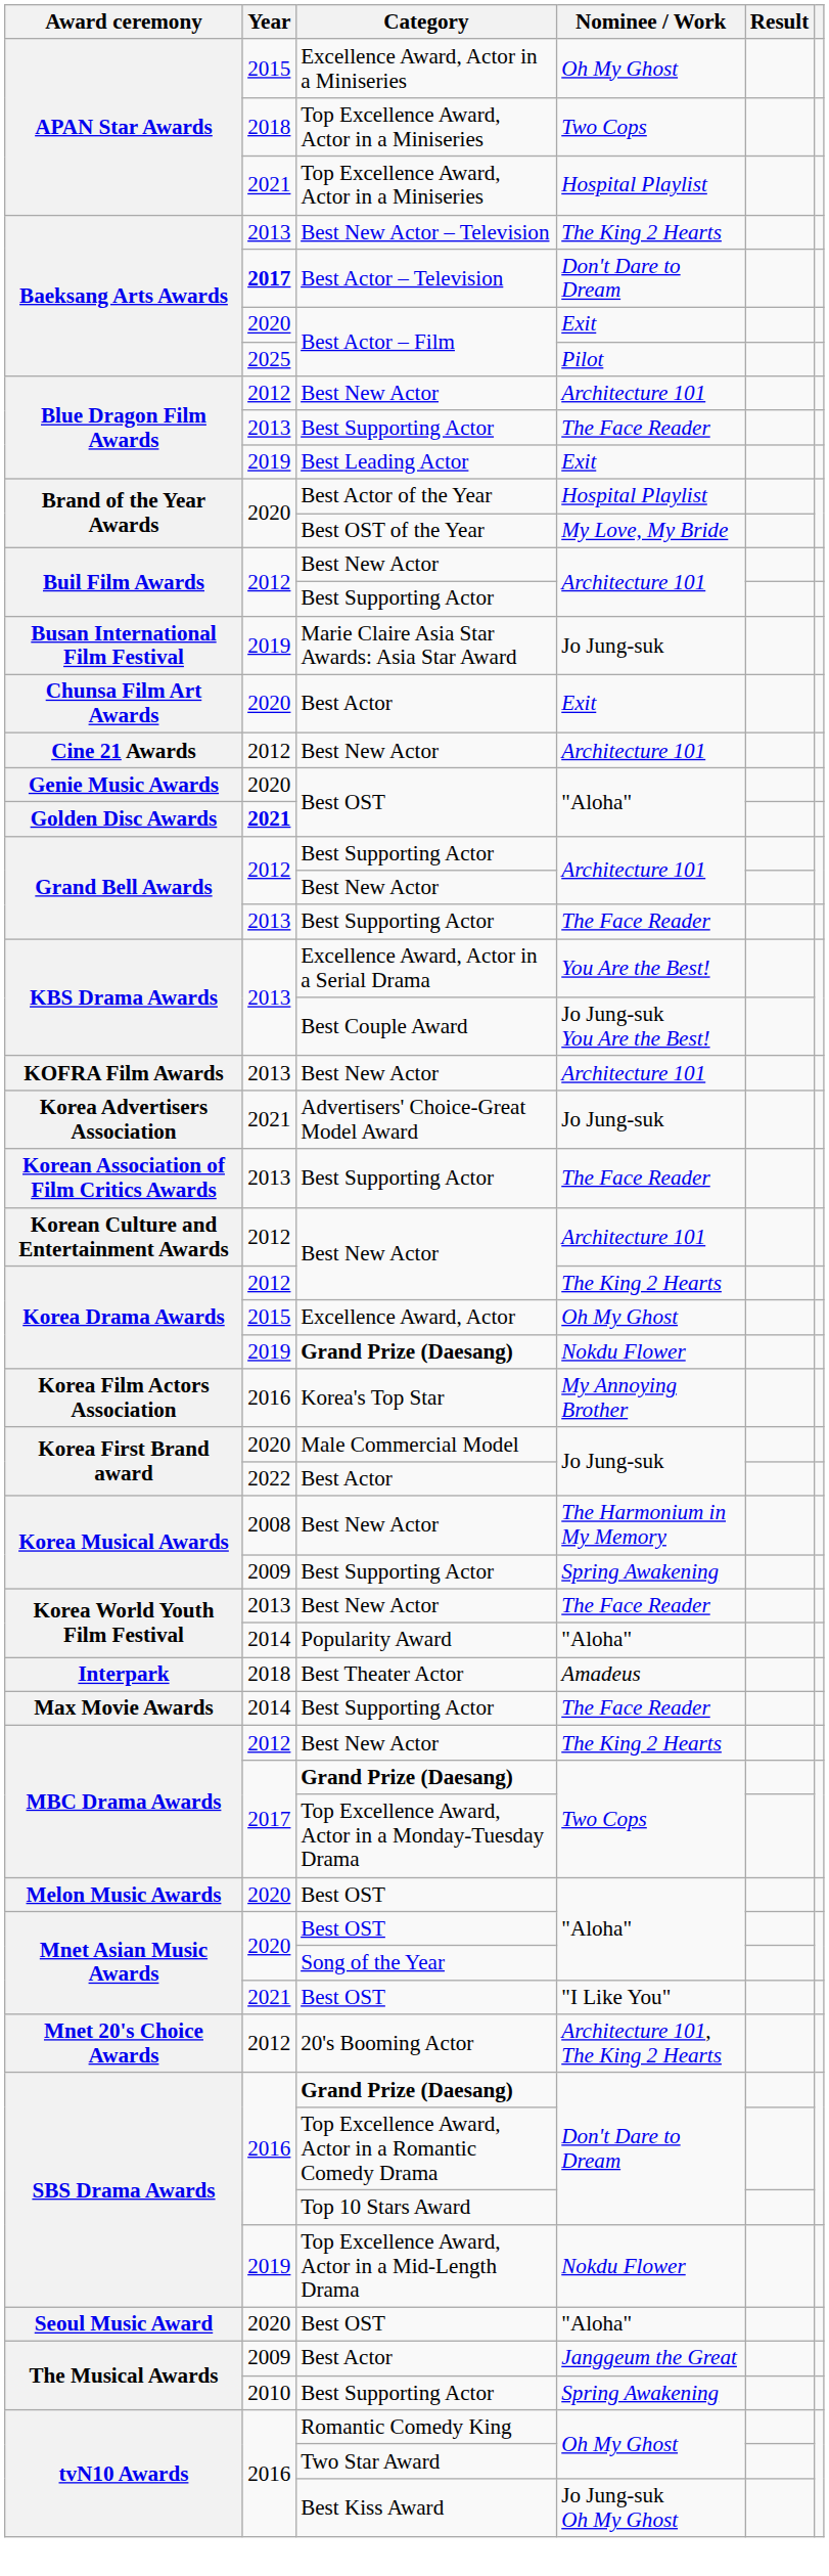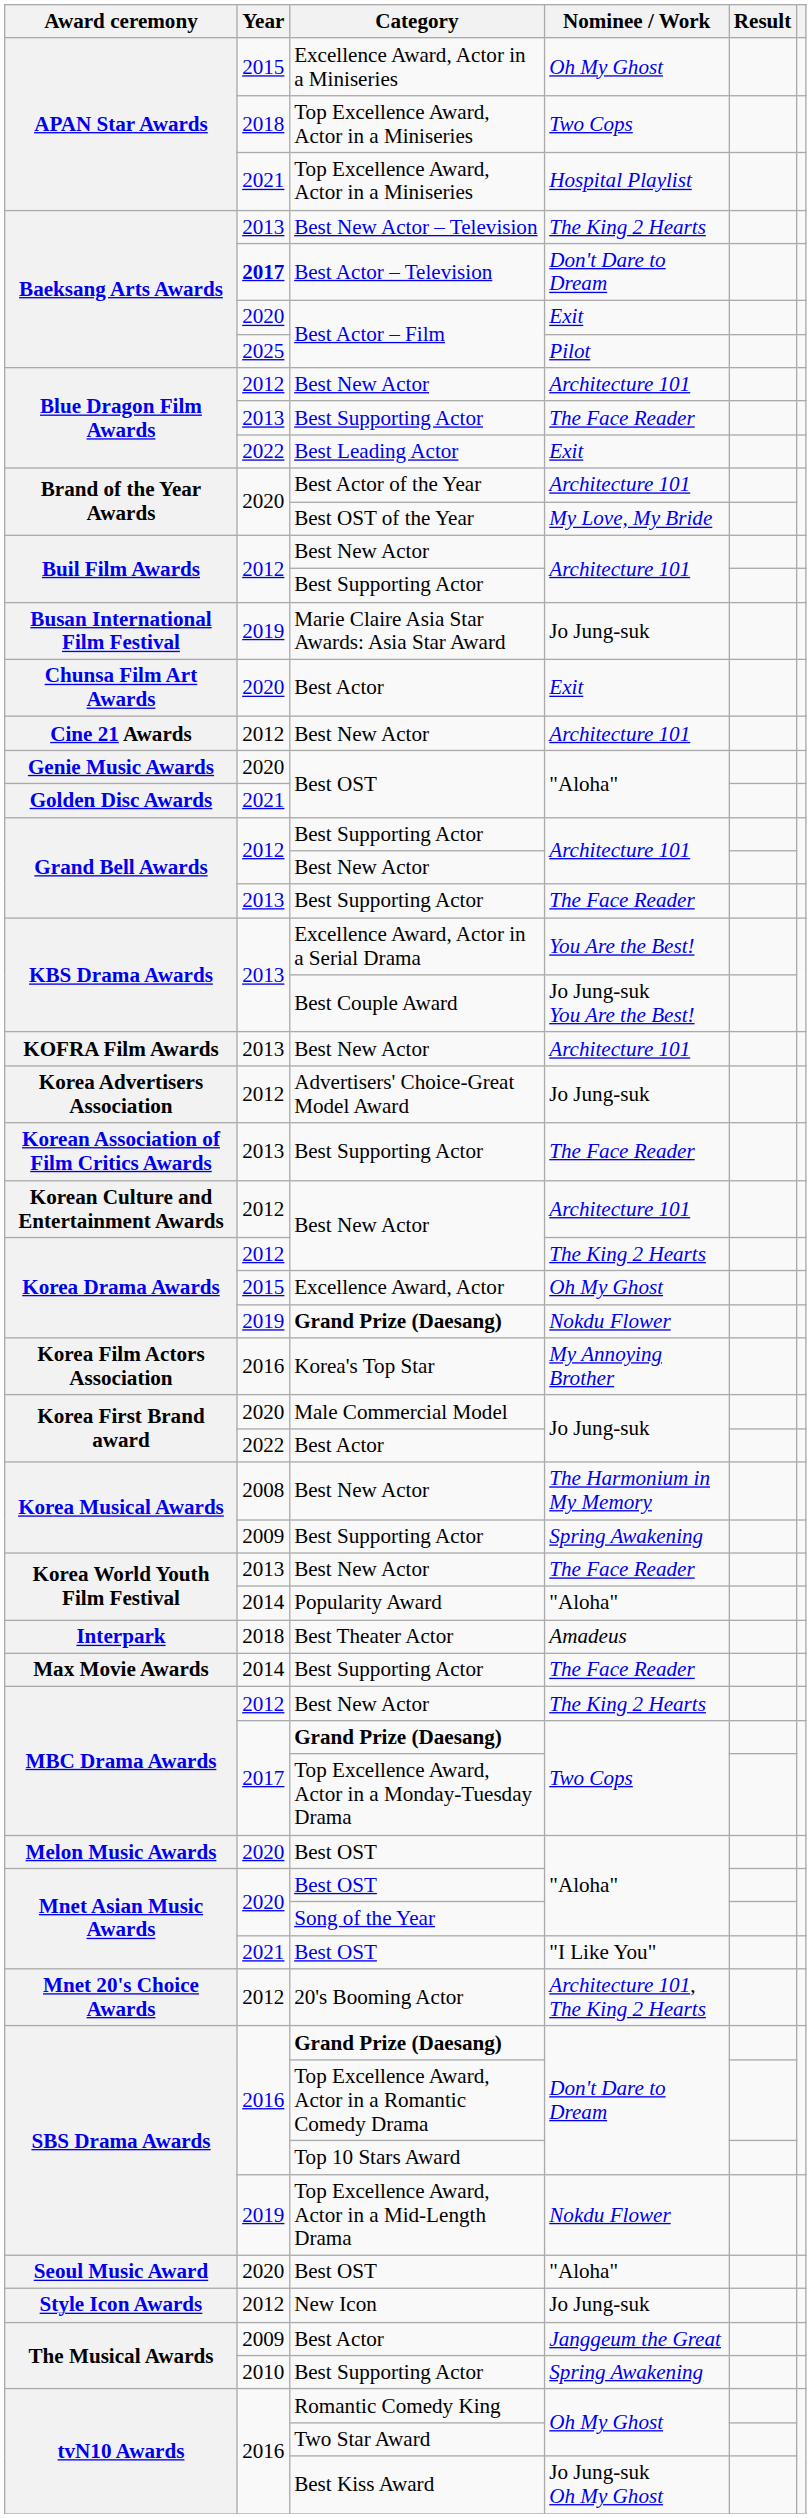 <table class="wikitable plainrowheaders sortable">
 <tr>
 <th scope="col">Award ceremony</th>
 <th scope="col">Year</th>
 <th scope="col">Category</th>
 <th scope="col">Nominee / Work</th>
 <th scope="col">Result</th>
 <th scope="col" class="unsortable"></th>
 </tr>
 <tr>
 <th scope="row"  rowspan="3"><a href='#'>APAN Star Awards</a></th>
 <td style="text-align:center"><a href='#'>2015</a></td>
 <td>Excellence Award, Actor in a Miniseries</td>
 <td><em><a href='#'>Oh My Ghost</a></em></td>
 <td></td>
 <td style="text-align:center"></td>
 </tr>
 <tr>
 <td style="text-align:center"><a href='#'>2018</a></td>
 <td>Top Excellence Award, Actor in a Miniseries</td>
 <td><em><a href='#'>Two Cops</a></em></td>
 <td></td>
 <td style="text-align:center"></td>
 </tr>
 <tr>
 <td style="text-align:center"><a href='#'>2021</a></td>
 <td>Top Excellence Award, Actor in a Miniseries</td>
 <td><em><a href='#'>Hospital Playlist</a></em></td>
 <td></td>
 <td style="text-align:center"></td>
 </tr>
 <tr>
 <th scope="row"  rowspan="4"><a href='#'>Baeksang Arts Awards</a></th>
 <td style="text-align:center"><a href='#'>2013</a></td>
 <td><a href='#'>Best New Actor – Television</a></td>
 <td><em><a href='#'>The King 2 Hearts</a></em></td>
 <td></td>
 <td style="text-align:center"></td>
 </tr>
 <tr>
 <td style="text-align:center"><strong><a href='#'>2017</a></strong></td>
 <td><a href='#'>Best Actor – Television</a></td>
 <td><em><a href='#'>Don't Dare to Dream</a></em></td>
 <td></td>
 <td style="text-align:center"></td>
 </tr>
 <tr>
 <td style="text-align:center"><a href='#'>2020</a></td>
 <td rowspan="2"><a href='#'>Best Actor – Film</a></td>
 <td><em><a href='#'>Exit</a></em></td>
 <td></td>
 <td style="text-align:center"></td>
 </tr>
 <tr>
 <td style="text-align:center"><a href='#'>2025</a></td>
 <td><em><a href='#'>Pilot</a></em></td>
 <td></td>
 <td style="text-align:center"></td>
 </tr>
 <tr>
 <th scope="row"  rowspan="3"><a href='#'>Blue Dragon Film Awards</a></th>
 <td style="text-align:center"><a href='#'>2012</a></td>
 <td><a href='#'>Best New Actor</a></td>
 <td><em><a href='#'>Architecture 101</a></em></td>
 <td></td>
 <td style="text-align:center"></td>
 </tr>
 <tr>
 <td style="text-align:center"><a href='#'>2013</a></td>
 <td><a href='#'>Best Supporting Actor</a></td>
 <td><em><a href='#'>The Face Reader</a></em></td>
 <td></td>
 <td style="text-align:center"></td>
 </tr>
 <tr>
-<td style="text-align:center"><a href='#'>2019</a></td>
+<td style="text-align:center"><a href='#'>2022</a></td>
 <td><a href='#'>Best Leading Actor</a></td>
 <td><em><a href='#'>Exit</a></em></td>
 <td></td>
 <td style="text-align:center"></td>
 </tr>
 <tr>
 <th scope="row" rowspan="2">Brand of the Year Awards</th>
 <td rowspan="2" style="text-align:center">2020</td>
 <td>Best Actor of the Year</td>
-<td><em><a href='#'>Hospital Playlist</a></em></td>
+<td><em><a href='#'>Architecture 101</a></em></td>
 <td></td>
 <td rowspan="2" style="text-align:center"></td>
 </tr>
 <tr>
 <td>Best OST of the Year</td>
 <td><em><a href='#'>My Love, My Bride</a></em></td>
 <td></td>
 </tr>
 <tr>
 <th scope="row"  rowspan="2"><a href='#'>Buil Film Awards</a></th>
 <td rowspan="2" style="text-align:center"><a href='#'>2012</a></td>
 <td>Best New Actor</td>
 <td rowspan="2"><em><a href='#'>Architecture 101</a></em></td>
 <td></td>
 <td style="text-align:center"></td>
 </tr>
 <tr>
 <td>Best Supporting Actor</td>
 <td></td>
 <td style="text-align:center"></td>
 </tr>
 <tr>
 <th scope="row"><a href='#'>Busan International Film Festival</a></th>
 <td style="text-align:center"><a href='#'>2019</a></td>
 <td>Marie Claire Asia Star Awards: Asia Star Award</td>
 <td>Jo Jung-suk</td>
 <td></td>
 <td style="text-align:center"></td>
 </tr>
 <tr>
 <th scope="row"><a href='#'>Chunsa Film Art Awards</a></th>
 <td style="text-align:center"><a href='#'>2020</a></td>
 <td>Best Actor</td>
 <td><em><a href='#'>Exit</a></em></td>
 <td></td>
 <td style="text-align:center"></td>
 </tr>
 <tr>
 <th scope="row"><a href='#'>Cine 21</a> Awards</th>
 <td style="text-align:center">2012</td>
 <td>Best New Actor</td>
 <td><em><a href='#'>Architecture 101</a></em></td>
 <td></td>
 <td style="text-align:center"></td>
 </tr>
 <tr>
 <th scope="row"><a href='#'>Genie Music Awards</a></th>
 <td style="text-align:center">2020</td>
 <td rowspan="2">Best OST</td>
 <td rowspan="2">"Aloha"</td>
 <td></td>
 <td style="text-align:center"></td>
 </tr>
 <tr>
 <th scope="row"><a href='#'>Golden Disc Awards</a></th>
-<td style="text-align:center"><strong><a href='#'>2021</a></strong></td>
+<td style="text-align:center"><a href='#'>2021</a></td>
 <td></td>
 <td style="text-align:center"></td>
 </tr>
 <tr>
 <th scope="row"  rowspan="3"><a href='#'>Grand Bell Awards</a></th>
 <td rowspan="2" style="text-align:center"><a href='#'>2012</a></td>
 <td>Best Supporting Actor</td>
 <td rowspan="2"><em><a href='#'>Architecture 101</a></em></td>
 <td></td>
 <td rowspan="2" style="text-align:center"></td>
 </tr>
 <tr>
 <td>Best New Actor</td>
 <td></td>
 </tr>
 <tr>
 <td style="text-align:center"><a href='#'>2013</a></td>
 <td>Best Supporting Actor</td>
 <td><em><a href='#'>The Face Reader</a></em></td>
 <td></td>
 <td style="text-align:center"></td>
 </tr>
 <tr>
 <th scope="row"  rowspan="2"><a href='#'>KBS Drama Awards</a></th>
 <td rowspan="2" style="text-align:center"><a href='#'>2013</a></td>
 <td>Excellence Award, Actor in a Serial Drama</td>
 <td><em><a href='#'>You Are the Best!</a></em></td>
 <td></td>
 <td rowspan="2" style="text-align:center"></td>
 </tr>
 <tr>
 <td>Best Couple Award</td>
 <td>Jo Jung-suk <br><em><a href='#'>You Are the Best!</a></em></td>
 <td></td>
 </tr>
 <tr>
 <th scope="row">KOFRA Film Awards</th>
 <td style="text-align:center">2013</td>
 <td>Best New Actor</td>
 <td><em><a href='#'>Architecture 101</a></em></td>
 <td></td>
 <td style="text-align:center"></td>
 </tr>
 <tr>
 <th scope="row">Korea Advertisers Association</th>
-<td style="text-align:center">2021</td>
+<td style="text-align:center">2012</td>
 <td>Advertisers' Choice-Great Model Award</td>
 <td>Jo Jung-suk</td>
 <td></td>
 <td style="text-align:center"></td>
 </tr>
 <tr>
 <th scope="row"><a href='#'>Korean Association of Film Critics Awards</a></th>
 <td style="text-align:center">2013</td>
 <td>Best Supporting Actor</td>
 <td><em><a href='#'>The Face Reader</a></em></td>
 <td></td>
 <td style="text-align:center"></td>
 </tr>
 <tr>
 <th scope="row">Korean Culture and Entertainment Awards</th>
 <td style="text-align:center">2012</td>
 <td rowspan="2">Best New Actor</td>
 <td><em><a href='#'>Architecture 101</a></em></td>
 <td></td>
 <td style="text-align:center"></td>
 </tr>
 <tr>
 <th scope="row"  rowspan="3"><a href='#'>Korea Drama Awards</a></th>
 <td style="text-align:center"><a href='#'>2012</a></td>
 <td><em><a href='#'>The King 2 Hearts</a></em></td>
 <td></td>
 <td style="text-align:center"></td>
 </tr>
 <tr>
 <td style="text-align:center"><a href='#'>2015</a></td>
 <td>Excellence Award, Actor</td>
 <td><em><a href='#'>Oh My Ghost</a></em></td>
 <td></td>
 <td style="text-align:center"></td>
 </tr>
 <tr>
 <td style="text-align:center"><a href='#'>2019</a></td>
 <td><strong>Grand Prize (Daesang)</strong></td>
 <td><em><a href='#'>Nokdu Flower</a></em></td>
 <td></td>
 <td style="text-align:center"></td>
 </tr>
 <tr>
 <th scope="row">Korea Film Actors Association</th>
 <td style="text-align:center">2016</td>
 <td>Korea's Top Star</td>
 <td><em><a href='#'>My Annoying Brother</a></em></td>
 <td></td>
 <td style="text-align:center"></td>
 </tr>
 <tr>
 <th scope="row"  rowspan="2">Korea First Brand award</th>
 <td style="text-align:center">2020</td>
 <td>Male Commercial Model</td>
 <td rowspan="2">Jo Jung-suk</td>
 <td></td>
 <td style="text-align:center"></td>
 </tr>
 <tr>
 <td style="text-align:center">2022</td>
 <td>Best Actor</td>
 <td></td>
 <td style="text-align:center"></td>
 </tr>
 <tr>
 <th scope="row"  rowspan="2"><a href='#'>Korea Musical Awards</a></th>
 <td style="text-align:center">2008</td>
 <td>Best New Actor</td>
 <td><em><a href='#'>The Harmonium in My Memory</a></em></td>
 <td></td>
 <td style="text-align:center"></td>
 </tr>
 <tr>
 <td style="text-align:center">2009</td>
 <td>Best Supporting Actor</td>
 <td><em><a href='#'>Spring Awakening</a></em></td>
 <td></td>
 <td style="text-align:center"></td>
 </tr>
 <tr>
 <th scope="row"  rowspan="2">Korea World Youth Film Festival</th>
 <td style="text-align:center">2013</td>
 <td>Best New Actor</td>
 <td><em><a href='#'>The Face Reader</a></em></td>
 <td></td>
 <td style="text-align:center"></td>
 </tr>
 <tr>
 <td style="text-align:center">2014</td>
 <td>Popularity Award</td>
 <td>"Aloha"</td>
 <td></td>
 <td style="text-align:center"></td>
 </tr>
 <tr>
 <th scope="row"><a href='#'>Interpark</a> </th>
 <td style="text-align:center">2018</td>
 <td>Best Theater Actor</td>
 <td><em>Amadeus</em></td>
 <td></td>
 <td style="text-align:center"></td>
 </tr>
 <tr>
 <th scope="row">Max Movie Awards</th>
 <td style="text-align:center">2014</td>
 <td>Best Supporting Actor</td>
 <td><em><a href='#'>The Face Reader</a></em></td>
 <td></td>
 <td style="text-align:center"></td>
 </tr>
 <tr>
 <th scope="row"  rowspan="3"><a href='#'>MBC Drama Awards</a></th>
 <td style="text-align:center"><a href='#'>2012</a></td>
 <td>Best New Actor</td>
 <td><em><a href='#'>The King 2 Hearts</a></em></td>
 <td></td>
 <td style="text-align:center"></td>
 </tr>
 <tr>
 <td rowspan="2" style="text-align:center"><a href='#'>2017</a></td>
 <td><strong>Grand Prize (Daesang)</strong></td>
 <td rowspan="2"><em><a href='#'>Two Cops</a></em></td>
 <td></td>
 <td rowspan="2" style="text-align:center"></td>
 </tr>
 <tr>
 <td>Top Excellence Award, Actor in a Monday-Tuesday Drama</td>
 <td></td>
 </tr>
 <tr>
 <th scope="row"><a href='#'>Melon Music Awards</a></th>
 <td style="text-align:center"><a href='#'>2020</a></td>
 <td>Best OST</td>
 <td rowspan="3">"Aloha"</td>
 <td></td>
 <td style="text-align:center"></td>
 </tr>
 <tr>
 <th scope="row"  rowspan="3"><a href='#'>Mnet Asian Music Awards</a></th>
 <td rowspan="2" style="text-align:center"><a href='#'>2020</a></td>
 <td><a href='#'>Best OST</a></td>
 <td></td>
 <td rowspan="2" style="text-align:center"></td>
 </tr>
 <tr>
 <td><a href='#'>Song of the Year</a></td>
 <td></td>
 </tr>
 <tr>
 <td style="text-align:center"><a href='#'>2021</a></td>
 <td><a href='#'>Best OST</a></td>
 <td>"I Like You"</td>
 <td></td>
 <td style="text-align:center"></td>
 </tr>
 <tr>
 <th scope="row"><a href='#'>Mnet 20's Choice Awards</a></th>
 <td style="text-align:center">2012</td>
 <td>20's Booming Actor</td>
 <td><em><a href='#'>Architecture 101</a></em>, <em><a href='#'>The King 2 Hearts</a></em></td>
 <td></td>
 <td style="text-align:center"></td>
 </tr>
 <tr>
 <th scope="row"  rowspan="4"><a href='#'>SBS Drama Awards</a></th>
 <td rowspan="3" style="text-align:center"><a href='#'>2016</a></td>
 <td><strong>Grand Prize (Daesang)</strong></td>
 <td rowspan="3"><em><a href='#'>Don't Dare to Dream</a></em></td>
 <td></td>
 <td rowspan="3" style="text-align:center"></td>
 </tr>
 <tr>
 <td>Top Excellence Award, Actor in a Romantic Comedy Drama</td>
 <td></td>
 </tr>
 <tr>
 <td>Top 10 Stars Award</td>
 <td></td>
 </tr>
 <tr>
 <td style="text-align:center"><a href='#'>2019</a></td>
 <td>Top Excellence Award, Actor in a Mid-Length Drama</td>
 <td><em><a href='#'>Nokdu Flower</a></em></td>
 <td></td>
 <td style="text-align:center"></td>
 </tr>
 <tr>
 <th scope="row"><a href='#'>Seoul Music Award</a></th>
 <td style="text-align:center">2020</td>
 <td>Best OST</td>
 <td>"Aloha"</td>
 <td></td>
 <td style="text-align:center"></td>
 </tr>
 <tr>
+<th scope="row"><a href='#'>Style Icon Awards</a></th>
+<td style="text-align:center">2012</td>
+<td>New Icon</td>
+<td>Jo Jung-suk</td>
+<td></td>
+<td style="text-align:center"></td>
+</tr>
+<tr>
 <th scope="row"  rowspan="2">The Musical Awards</th>
 <td style="text-align:center">2009</td>
 <td>Best Actor</td>
 <td><em><a href='#'>Janggeum the Great</a></em></td>
 <td></td>
 <td style="text-align:center"></td>
 </tr>
 <tr>
 <td style="text-align:center">2010</td>
 <td>Best Supporting Actor</td>
 <td><em><a href='#'>Spring Awakening</a></em></td>
 <td></td>
 <td style="text-align:center"></td>
 </tr>
 <tr>
 <th scope="row" rowspan="3"><a href='#'>tvN10 Awards</a></th>
 <td rowspan="3" style="text-align:center">2016</td>
 <td>Romantic Comedy King</td>
 <td rowspan="2"><em><a href='#'>Oh My Ghost</a></em></td>
 <td></td>
 <td rowspan="3" style="text-align:center"></td>
 </tr>
 <tr>
 <td>Two Star Award</td>
 <td></td>
 </tr>
 <tr>
 <td>Best Kiss Award</td>
 <td>Jo Jung-suk <br> <em><a href='#'>Oh My Ghost</a></em></td>
 <td></td>
 </tr>
 </table>
